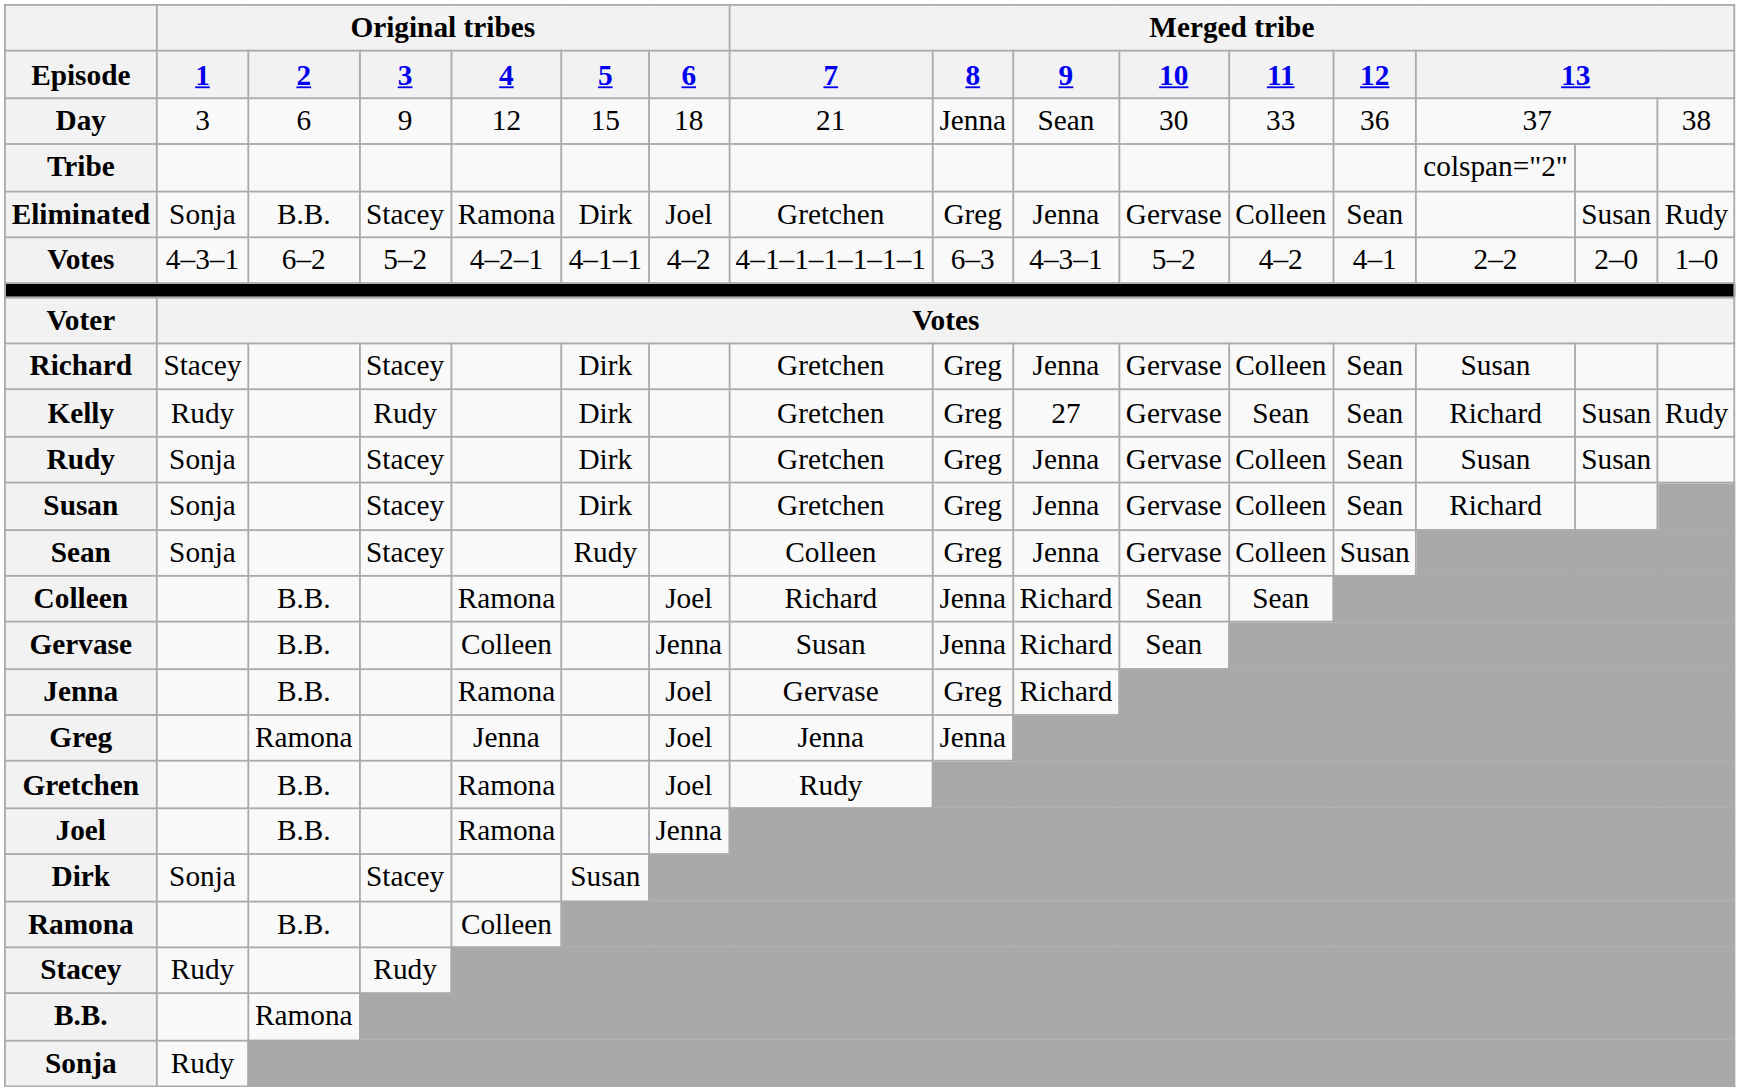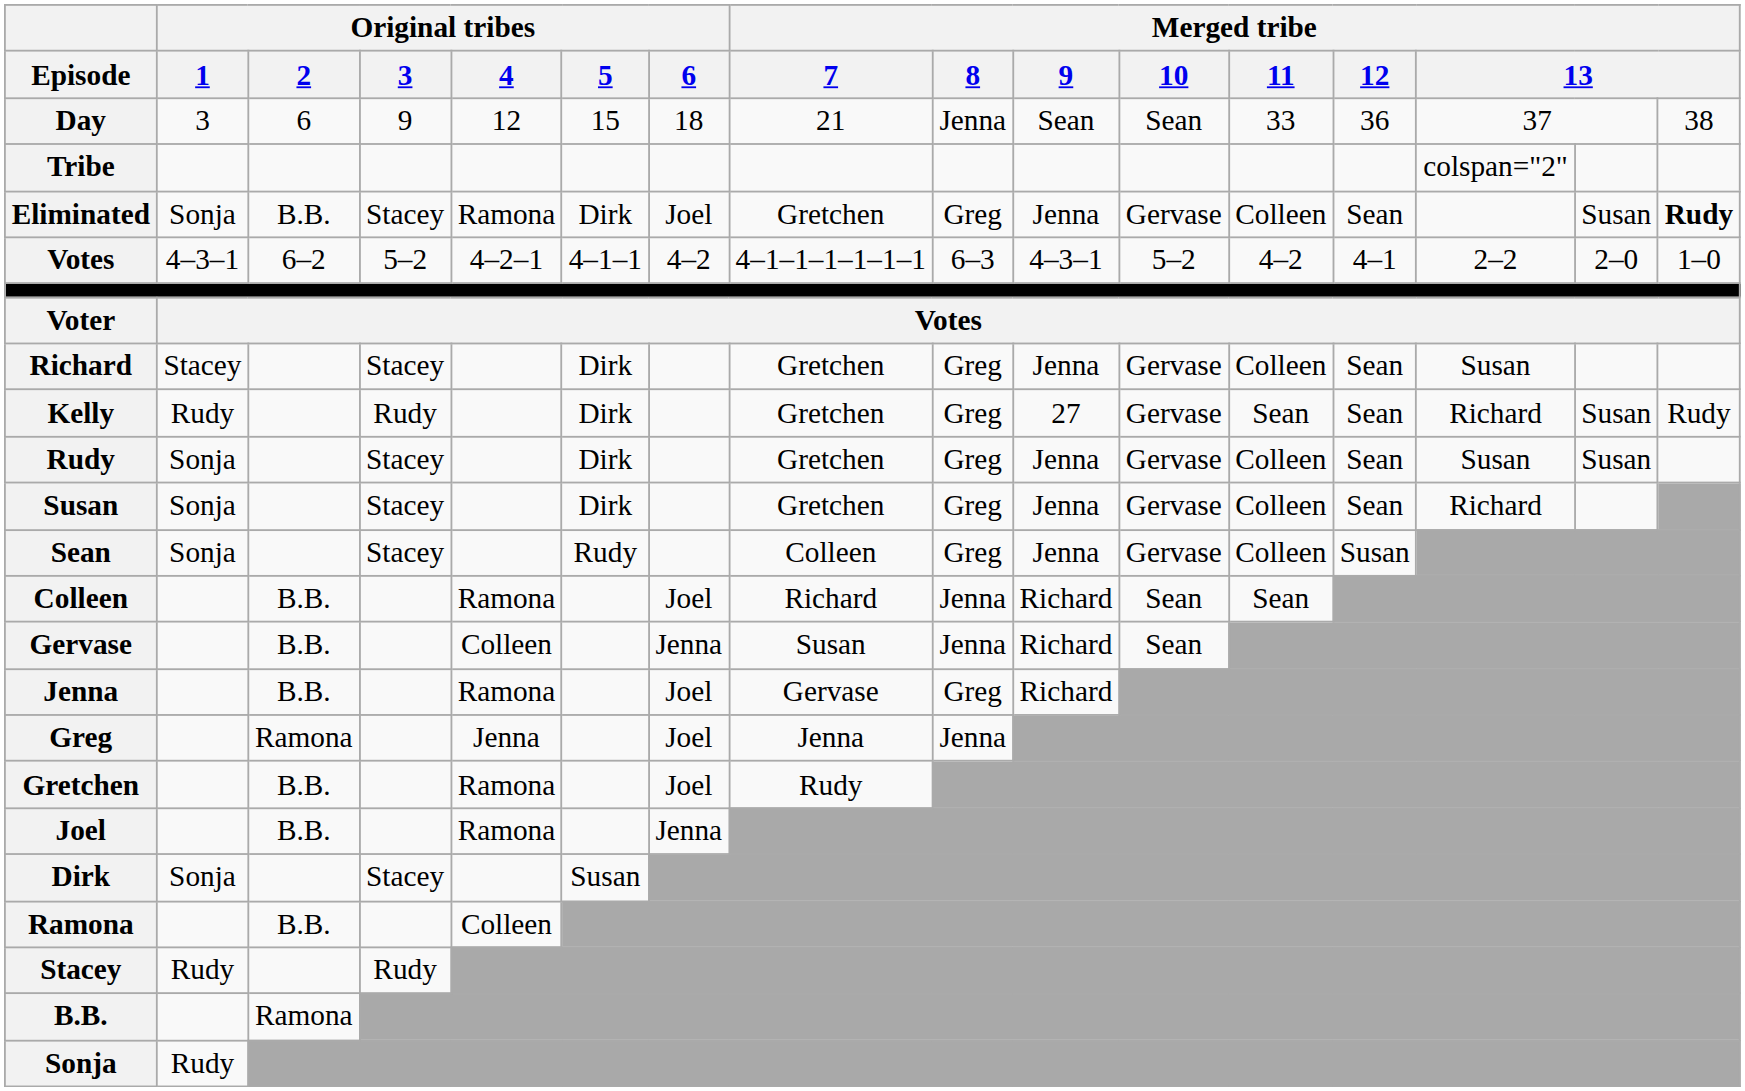 <table class="wikitable nowrap" style="text-align:center;">
 <tr>
 <th></th>
 <th colspan="6">Original tribes</th>
 <th colspan="9">Merged tribe</th>
 </tr>
 <tr>
 <th>Episode</th>
 <th><a href='#'>1</a></th>
 <th><a href='#'>2</a></th>
 <th><a href='#'>3</a></th>
 <th><a href='#'>4</a></th>
 <th><a href='#'>5</a></th>
 <th><a href='#'>6</a></th>
 <th><a href='#'>7</a></th>
 <th><a href='#'>8</a></th>
 <th><a href='#'>9</a></th>
 <th><a href='#'>10</a></th>
 <th><a href='#'>11</a></th>
 <th><a href='#'>12</a></th>
 <th colspan="3"><a href='#'>13</a></th>
 </tr>
 <tr>
 <th>Day</th>
 <td>3</td>
 <td>6</td>
 <td>9</td>
 <td>12</td>
 <td>15</td>
 <td>18</td>
 <td>21</td>
 <td>Jenna</td>
 <td>Sean</td>
-<td>30</td>
+<td>Sean</td>
 <td>33</td>
 <td>36</td>
 <td colspan="2">37</td>
 <td>38</td>
 </tr>
 <tr>
 <th>Tribe</th>
 <td></td>
 <td></td>
 <td></td>
 <td></td>
 <td></td>
 <td></td>
 <td></td>
 <td></td>
 <td></td>
 <td></td>
 <td></td>
 <td></td>
 <td>colspan="2" </td>
 <td></td>
 </tr>
 <tr>
 <th>Eliminated</th>
 <td>Sonja</td>
 <td>B.B.</td>
 <td>Stacey</td>
 <td>Ramona</td>
 <td>Dirk</td>
 <td>Joel</td>
 <td>Gretchen</td>
 <td>Greg</td>
 <td>Jenna</td>
 <td>Gervase</td>
 <td>Colleen</td>
 <td>Sean</td>
 <td></td>
 <td>Susan</td>
-<td>Rudy</td>
+<td><strong>Rudy</strong></td>
 </tr>
 <tr>
 <th>Votes</th>
 <td>4–3–1</td>
 <td>6–2</td>
 <td>5–2</td>
 <td>4–2–1</td>
 <td>4–1–1</td>
 <td>4–2</td>
 <td>4–1–1–1–1–1–1</td>
 <td>6–3</td>
 <td>4–3–1</td>
 <td>5–2</td>
 <td>4–2</td>
 <td>4–1</td>
 <td>2–2</td>
 <td>2–0</td>
 <td>1–0</td>
 </tr>
 <tr>
 <td style="background-color:black;" colspan="16"></td>
 </tr>
 <tr>
 <th>Voter</th>
 <th colspan="15">Votes</th>
 </tr>
 <tr>
 <th>Richard</th>
 <td>Stacey</td>
 <td></td>
 <td>Stacey</td>
 <td></td>
 <td>Dirk</td>
 <td></td>
 <td>Gretchen</td>
 <td>Greg</td>
 <td>Jenna</td>
 <td>Gervase</td>
 <td>Colleen</td>
 <td>Sean</td>
 <td>Susan</td>
 <td></td>
 <td></td>
 </tr>
 <tr>
 <th>Kelly</th>
 <td>Rudy</td>
 <td></td>
 <td>Rudy</td>
 <td></td>
 <td>Dirk</td>
 <td></td>
 <td>Gretchen</td>
 <td>Greg</td>
 <td>27</td>
 <td>Gervase</td>
 <td>Sean</td>
 <td>Sean</td>
 <td>Richard</td>
 <td>Susan</td>
 <td>Rudy</td>
 </tr>
 <tr>
 <th>Rudy</th>
 <td>Sonja</td>
 <td></td>
 <td>Stacey</td>
 <td></td>
 <td>Dirk</td>
 <td></td>
 <td>Gretchen</td>
 <td>Greg</td>
 <td>Jenna</td>
 <td>Gervase</td>
 <td>Colleen</td>
 <td>Sean</td>
 <td>Susan</td>
 <td>Susan</td>
 <td></td>
 </tr>
 <tr>
 <th>Susan</th>
 <td>Sonja</td>
 <td></td>
 <td>Stacey</td>
 <td></td>
 <td>Dirk</td>
 <td></td>
 <td>Gretchen</td>
 <td>Greg</td>
 <td>Jenna</td>
 <td>Gervase</td>
 <td>Colleen</td>
 <td>Sean</td>
 <td>Richard</td>
 <td></td>
 <td style="background-color:darkgrey;"></td>
 </tr>
 <tr>
 <th>Sean</th>
 <td>Sonja</td>
 <td></td>
 <td>Stacey</td>
 <td></td>
 <td>Rudy</td>
 <td></td>
 <td>Colleen</td>
 <td>Greg</td>
 <td>Jenna</td>
 <td>Gervase</td>
 <td>Colleen</td>
 <td>Susan</td>
 <td style="background-color:darkgrey;" colspan="3"></td>
 </tr>
 <tr>
 <th>Colleen</th>
 <td></td>
 <td>B.B.</td>
 <td></td>
 <td>Ramona</td>
 <td></td>
 <td>Joel</td>
 <td>Richard</td>
 <td>Jenna</td>
 <td>Richard</td>
 <td>Sean</td>
 <td>Sean</td>
 <td style="background-color:darkgrey;" colspan="4"></td>
 </tr>
 <tr>
 <th>Gervase</th>
 <td></td>
 <td>B.B.</td>
 <td></td>
 <td>Colleen</td>
 <td></td>
 <td>Jenna</td>
 <td>Susan</td>
 <td>Jenna</td>
 <td>Richard</td>
 <td>Sean</td>
 <td style="background-color:darkgrey;" colspan="5"></td>
 </tr>
 <tr>
 <th>Jenna</th>
 <td></td>
 <td>B.B.</td>
 <td></td>
 <td>Ramona</td>
 <td></td>
 <td>Joel</td>
 <td>Gervase</td>
 <td>Greg</td>
 <td>Richard</td>
 <td style="background-color:darkgrey;" colspan="6"></td>
 </tr>
 <tr>
 <th>Greg</th>
 <td></td>
 <td>Ramona</td>
 <td></td>
 <td>Jenna</td>
 <td></td>
 <td>Joel</td>
 <td>Jenna</td>
 <td>Jenna</td>
 <td style="background-color:darkgrey;" colspan="7"></td>
 </tr>
 <tr>
 <th>Gretchen</th>
 <td></td>
 <td>B.B.</td>
 <td></td>
 <td>Ramona</td>
 <td></td>
 <td>Joel</td>
 <td>Rudy</td>
 <td style="background-color:darkgrey;" colspan="8"></td>
 </tr>
 <tr>
 <th>Joel</th>
 <td></td>
 <td>B.B.</td>
 <td></td>
 <td>Ramona</td>
 <td></td>
 <td>Jenna</td>
 <td style="background-color:darkgrey;" colspan="9"></td>
 </tr>
 <tr>
 <th>Dirk</th>
 <td>Sonja</td>
 <td></td>
 <td>Stacey</td>
 <td></td>
 <td>Susan</td>
 <td style="background-color:darkgrey;" colspan="10"></td>
 </tr>
 <tr>
 <th>Ramona</th>
 <td></td>
 <td>B.B.</td>
 <td></td>
 <td>Colleen</td>
 <td style="background-color:darkgrey;" colspan="11"></td>
 </tr>
 <tr>
 <th>Stacey</th>
 <td>Rudy</td>
 <td></td>
 <td>Rudy</td>
 <td style="background-color:darkgrey;" colspan="12"></td>
 </tr>
 <tr>
 <th>B.B.</th>
 <td></td>
 <td>Ramona</td>
 <td style="background-color:darkgrey;" colspan="13"></td>
 </tr>
 <tr>
 <th>Sonja</th>
 <td>Rudy</td>
 <td style="background-color:darkgrey;" colspan="14"></td>
 </tr>
 </table>
